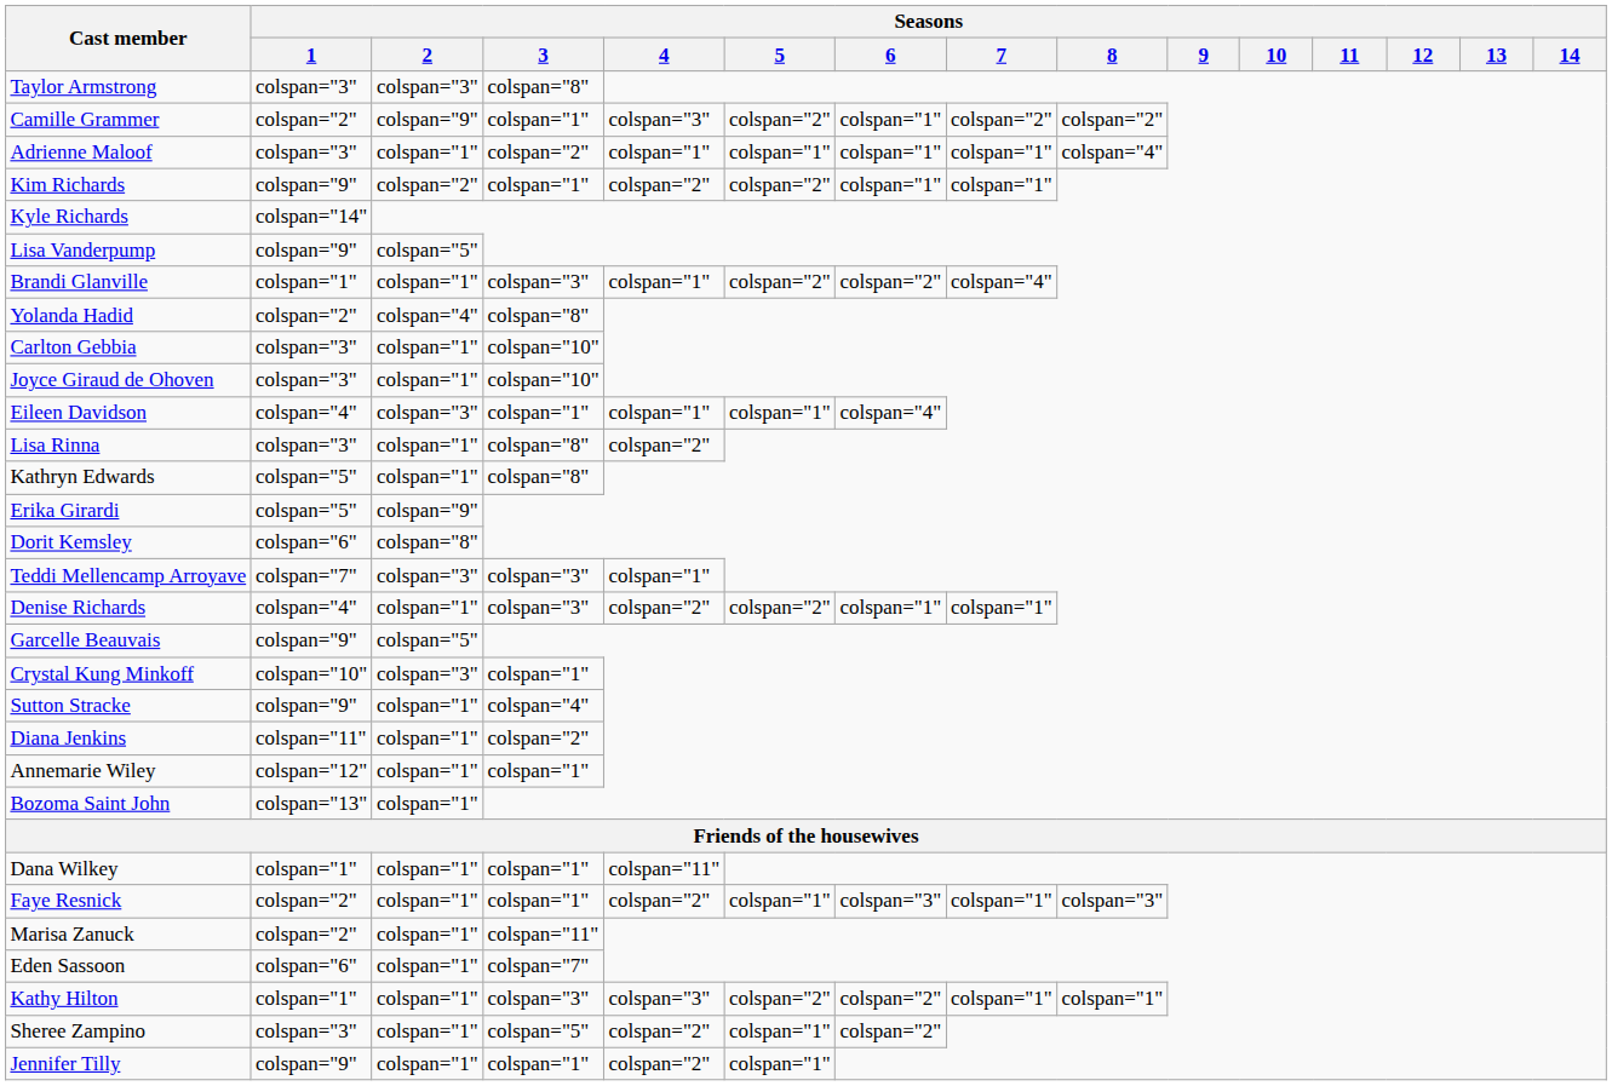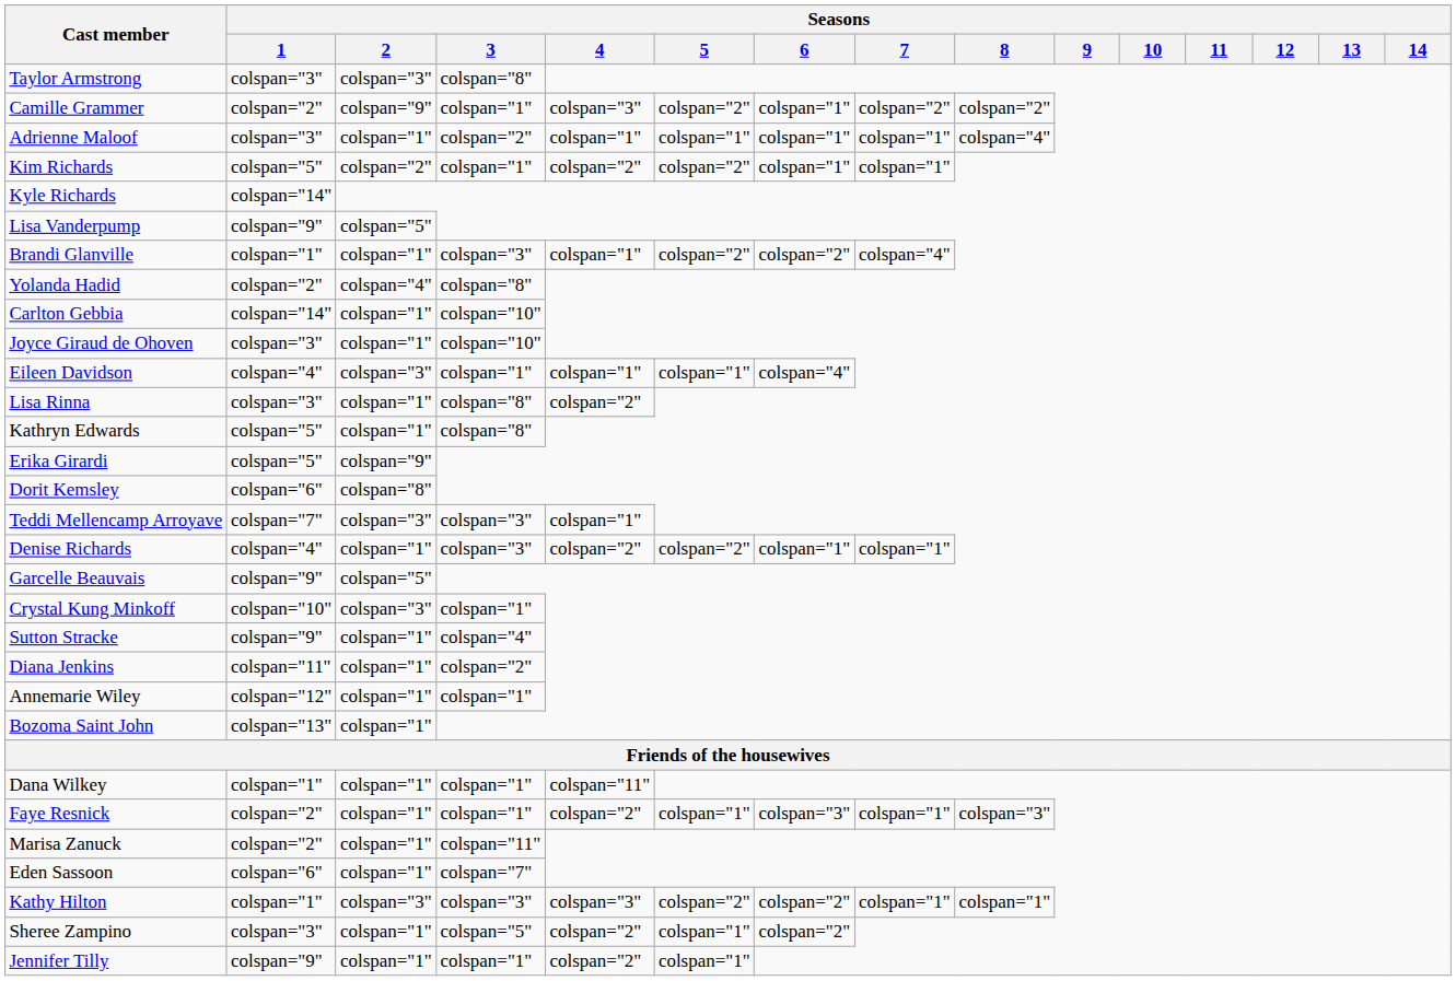 <table class="wikitable plainrowheaders" >
 <tr>
 <th rowspan="2" style="width:15%;">Cast member</th>
 <th colspan="14">Seasons</th>
 </tr>
 <tr>
 <th style="width:5%;"><a href='#'>1</a></th>
 <th style="width:5%;"><a href='#'>2</a></th>
 <th style="width:5%;"><a href='#'>3</a></th>
 <th style="width:5%;"><a href='#'>4</a></th>
 <th style="width:5%;"><a href='#'>5</a></th>
 <th style="width:5%;"><a href='#'>6</a></th>
 <th style="width:5%;"><a href='#'>7</a></th>
 <th style="width:5%;"><a href='#'>8</a></th>
 <th style="width:5%;"><a href='#'>9</a></th>
 <th style="width:5%;"><a href='#'>10</a></th>
 <th style="width:5%;"><a href='#'>11</a></th>
 <th style="width:5%;"><a href='#'>12</a></th>
 <th style="width:5%;"><a href='#'>13</a></th>
 <th style="width:5%;"><a href='#'>14</a></th>
 </tr>
 <tr>
 <td><a href='#'>Taylor Armstrong</a></td>
 <td>colspan="3" </td>
 <td>colspan="3" </td>
 <td>colspan="8" </td>
 </tr>
 <tr>
 <td><a href='#'>Camille Grammer</a></td>
 <td>colspan="2" </td>
 <td>colspan="9" </td>
 <td>colspan="1" </td>
 <td>colspan="3" </td>
 <td>colspan="2" </td>
 <td>colspan="1" </td>
 <td>colspan="2" </td>
 <td>colspan="2" </td>
 </tr>
 <tr>
 <td><a href='#'>Adrienne Maloof</a></td>
 <td>colspan="3" </td>
 <td>colspan="1" </td>
 <td>colspan="2" </td>
 <td>colspan="1" </td>
 <td>colspan="1" </td>
 <td>colspan="1" </td>
 <td>colspan="1" </td>
 <td>colspan="4" </td>
 </tr>
 <tr>
 <td><a href='#'>Kim Richards</a></td>
-<td>colspan="9" </td>
+<td>colspan="5" </td>
 <td>colspan="2" </td>
 <td>colspan="1" </td>
 <td>colspan="2" </td>
 <td>colspan="2" </td>
 <td>colspan="1" </td>
 <td>colspan="1" </td>
 </tr>
 <tr>
 <td><a href='#'>Kyle Richards</a></td>
 <td>colspan="14" </td>
 </tr>
 <tr>
 <td><a href='#'>Lisa Vanderpump</a></td>
 <td>colspan="9" </td>
 <td>colspan="5" </td>
 </tr>
 <tr>
 <td><a href='#'>Brandi Glanville</a></td>
 <td>colspan="1" </td>
 <td>colspan="1" </td>
 <td>colspan="3" </td>
 <td>colspan="1" </td>
 <td>colspan="2" </td>
 <td>colspan="2" </td>
 <td>colspan="4" </td>
 </tr>
 <tr>
 <td><a href='#'>Yolanda Hadid</a></td>
 <td>colspan="2" </td>
 <td>colspan="4" </td>
 <td>colspan="8" </td>
 </tr>
 <tr>
 <td><a href='#'>Carlton Gebbia</a></td>
-<td>colspan="3" </td>
+<td>colspan="14" </td>
 <td>colspan="1" </td>
 <td>colspan="10" </td>
 </tr>
 <tr>
 <td nowrap><a href='#'>Joyce Giraud de Ohoven</a></td>
 <td>colspan="3" </td>
 <td>colspan="1" </td>
 <td>colspan="10" </td>
 </tr>
 <tr>
 <td><a href='#'>Eileen Davidson</a></td>
 <td>colspan="4" </td>
 <td>colspan="3" </td>
 <td>colspan="1" </td>
 <td>colspan="1" </td>
 <td>colspan="1" </td>
 <td>colspan="4" </td>
 </tr>
 <tr>
 <td><a href='#'>Lisa Rinna</a></td>
 <td>colspan="3" </td>
 <td>colspan="1" </td>
 <td>colspan="8" </td>
 <td>colspan="2" </td>
 </tr>
 <tr>
 <td>Kathryn Edwards</td>
 <td>colspan="5" </td>
 <td>colspan="1" </td>
 <td>colspan="8" </td>
 </tr>
 <tr>
 <td><a href='#'>Erika Girardi</a></td>
 <td>colspan="5" </td>
 <td>colspan="9" </td>
 </tr>
 <tr>
 <td><a href='#'>Dorit Kemsley</a></td>
 <td>colspan="6" </td>
 <td>colspan="8" </td>
 </tr>
 <tr>
 <td nowrap><a href='#'>Teddi Mellencamp Arroyave</a></td>
 <td>colspan="7" </td>
 <td>colspan="3" </td>
 <td>colspan="3" </td>
 <td>colspan="1" </td>
 </tr>
 <tr>
 <td><a href='#'>Denise Richards</a></td>
 <td>colspan="4" </td>
 <td>colspan="1" </td>
 <td>colspan="3" </td>
 <td>colspan="2" </td>
 <td>colspan="2" </td>
 <td>colspan="1" </td>
 <td>colspan="1" </td>
 </tr>
 <tr>
 <td><a href='#'>Garcelle Beauvais</a></td>
 <td>colspan="9" </td>
 <td>colspan="5" </td>
 </tr>
 <tr>
 <td><a href='#'>Crystal Kung Minkoff</a></td>
 <td>colspan="10" </td>
 <td>colspan="3" </td>
 <td>colspan="1" </td>
 </tr>
 <tr>
 <td><a href='#'>Sutton Stracke</a></td>
 <td>colspan="9" </td>
 <td>colspan="1" </td>
 <td>colspan="4" </td>
 </tr>
 <tr>
 <td><a href='#'>Diana Jenkins</a></td>
 <td>colspan="11" </td>
 <td>colspan="1" </td>
 <td>colspan="2" </td>
 </tr>
 <tr>
 <td>Annemarie Wiley</td>
 <td>colspan="12" </td>
 <td>colspan="1" </td>
 <td>colspan="1" </td>
 </tr>
 <tr>
 <td><a href='#'>Bozoma Saint John</a></td>
 <td>colspan="13" </td>
 <td>colspan="1" </td>
 </tr>
 <tr>
 <th colspan="15">Friends of the housewives</th>
 </tr>
 <tr>
 <td>Dana Wilkey</td>
 <td>colspan="1" </td>
 <td>colspan="1" </td>
 <td>colspan="1" </td>
 <td>colspan="11" </td>
 </tr>
 <tr>
 <td><a href='#'>Faye Resnick</a></td>
 <td>colspan="2" </td>
 <td>colspan="1" </td>
 <td>colspan="1" </td>
 <td>colspan="2" </td>
 <td>colspan="1" </td>
 <td>colspan="3" </td>
 <td>colspan="1" </td>
 <td>colspan="3" </td>
 </tr>
 <tr>
 <td>Marisa Zanuck</td>
 <td>colspan="2" </td>
 <td>colspan="1" </td>
 <td>colspan="11" </td>
 </tr>
 <tr>
 <td>Eden Sassoon</td>
 <td>colspan="6" </td>
 <td>colspan="1" </td>
 <td>colspan="7" </td>
 </tr>
 <tr>
 <td><a href='#'>Kathy Hilton</a></td>
 <td>colspan="1" </td>
-<td>colspan="1" </td>
+<td>colspan="3" </td>
 <td>colspan="3" </td>
 <td>colspan="3" </td>
 <td>colspan="2" </td>
 <td>colspan="2" </td>
 <td>colspan="1" </td>
 <td>colspan="1" </td>
 </tr>
 <tr>
 <td>Sheree Zampino</td>
 <td>colspan="3" </td>
 <td>colspan="1" </td>
 <td>colspan="5" </td>
 <td>colspan="2" </td>
 <td>colspan="1" </td>
 <td>colspan="2" </td>
 </tr>
 <tr>
 <td><a href='#'>Jennifer Tilly</a></td>
 <td>colspan="9" </td>
 <td>colspan="1" </td>
 <td>colspan="1" </td>
 <td>colspan="2" </td>
 <td>colspan="1" </td>
 </tr>
 </table>
